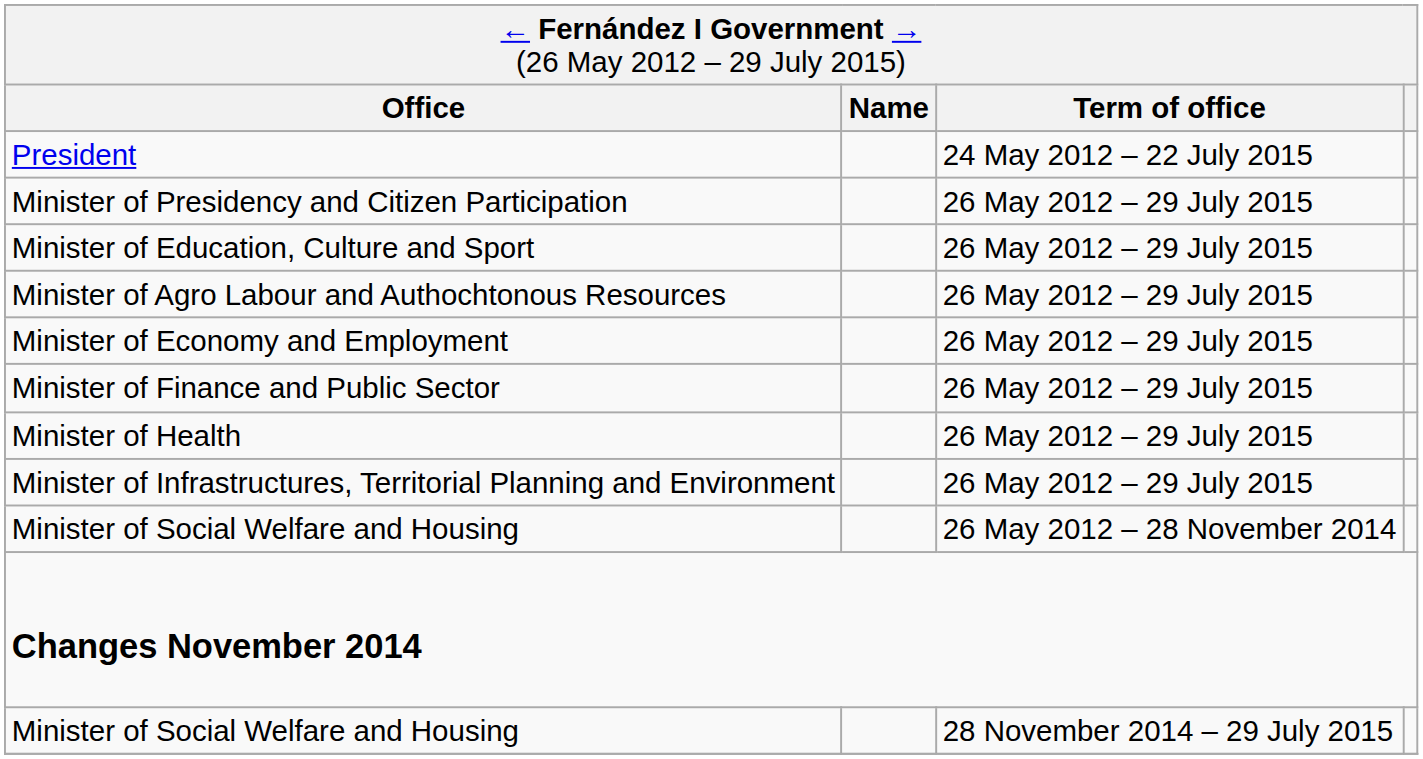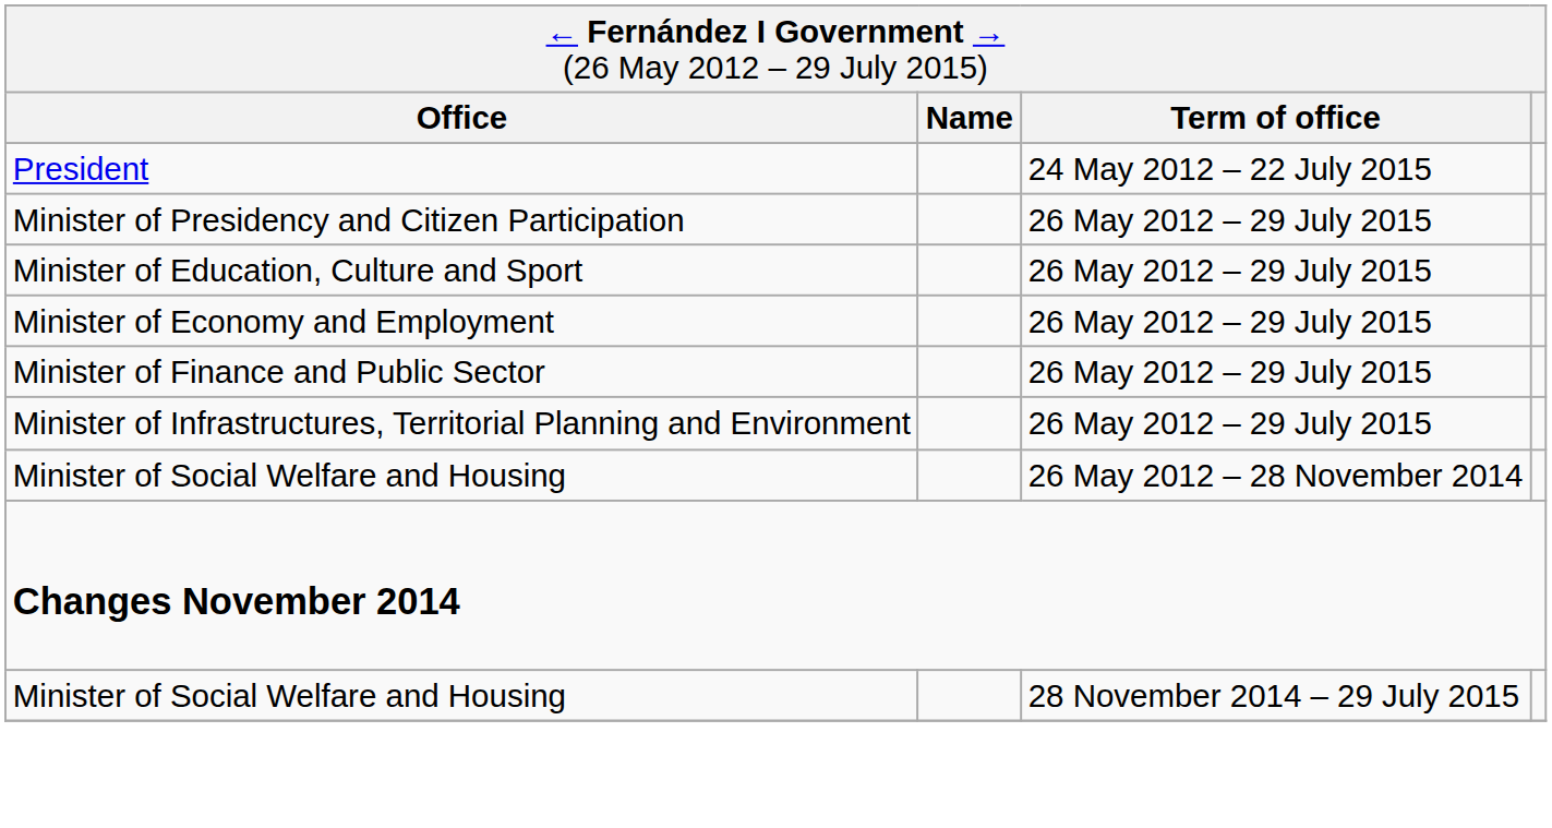 <table class="wikitable" style="font-size:95%;">
 <tr>
 <td colspan="4" bgcolor="#F2F2F2" align="center"><a href='#'>←</a> <strong>Fernández I Government</strong> <a href='#'>→</a><br>(26 May 2012 – 29 July 2015)</td>
 </tr>
 <tr>
 <th>Office</th>
 <th>Name</th>
 <th>Term of office</th>
 <th></th>
 </tr>
 <tr>
 <td><a href='#'>President</a></td>
 <td><strong></strong></td>
 <td>24 May 2012 – 22 July 2015</td>
 <td align=center></td>
 </tr>
 <tr>
 <td>Minister of Presidency and Citizen Participation</td>
 <td><strong></strong></td>
 <td>26 May 2012 – 29 July 2015</td>
 <td align=center></td>
 </tr>
 <tr>
 <td>Minister of Education, Culture and Sport</td>
 <td><strong></strong> </td>
 <td>26 May 2012 – 29 July 2015</td>
 <td align=center></td>
 </tr>
 <tr>
-<td>Minister of Agro Labour and Authochtonous Resources</td>
-<td><strong></strong></td>
-<td>26 May 2012 – 29 July 2015</td>
-<td align=center></td>
-</tr>
-<tr>
 <td>Minister of Economy and Employment</td>
 <td><strong></strong></td>
 <td>26 May 2012 – 29 July 2015</td>
 <td align=center></td>
 </tr>
 <tr>
 <td>Minister of Finance and Public Sector</td>
-<td><strong></strong></td>
-<td>26 May 2012 – 29 July 2015</td>
-<td align=center></td>
-</tr>
-<tr>
-<td>Minister of Health</td>
 <td><strong></strong></td>
 <td>26 May 2012 – 29 July 2015</td>
 <td align=center></td>
 </tr>
 <tr>
 <td>Minister of Infrastructures, Territorial Planning and Environment</td>
 <td><strong></strong></td>
 <td>26 May 2012 – 29 July 2015</td>
 <td align=center></td>
 </tr>
 <tr>
 <td>Minister of Social Welfare and Housing</td>
 <td><strong></strong></td>
 <td>26 May 2012 – 28 November 2014</td>
 <td align=center></td>
 </tr>
 <tr>
 <td colspan="4"><br><h3>Changes November 2014</h3></td>
 </tr>
 <tr>
 <td>Minister of Social Welfare and Housing</td>
 <td><strong></strong></td>
 <td>28 November 2014 – 29 July 2015</td>
 <td align=center></td>
 </tr>
 <tr>
 </tr>
 </table>
